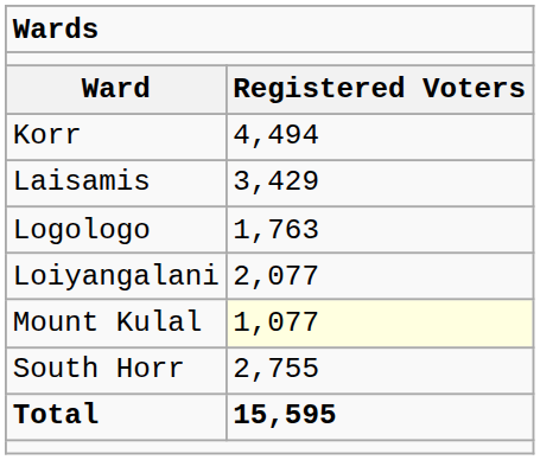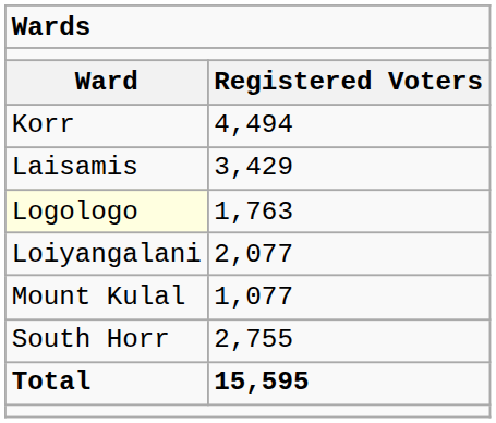 <table class="wikitable">
 <tr>
 <td colspan="2"><strong>Wards</strong></td>
 </tr>
 <tr>
 <td colspan="2"></td>
 </tr>
 <tr>
 <th>Ward</th>
 <th>Registered Voters</th>
 </tr>
 <tr>
 <td>Korr</td>
 <td>4,494</td>
 </tr>
 <tr>
 <td>Laisamis</td>
 <td>3,429</td>
 </tr>
 <tr>
-<td>Logologo</td>
+<td style="background: lightyellow;">Logologo</td>
 <td>1,763</td>
 </tr>
 <tr>
 <td>Loiyangalani</td>
 <td>2,077</td>
 </tr>
 <tr>
 <td>Mount Kulal</td>
-<td style="background: lightyellow;">1,077</td>
+<td>1,077</td>
 </tr>
 <tr>
 <td>South Horr</td>
 <td>2,755</td>
 </tr>
 <tr>
 <td><strong>Total</strong></td>
 <td><strong>15,595</strong></td>
 </tr>
 <tr>
 <td colspan="2"></td>
 </tr>
 </table>
